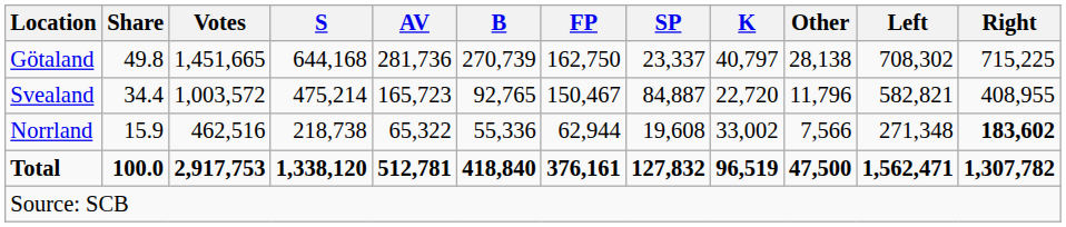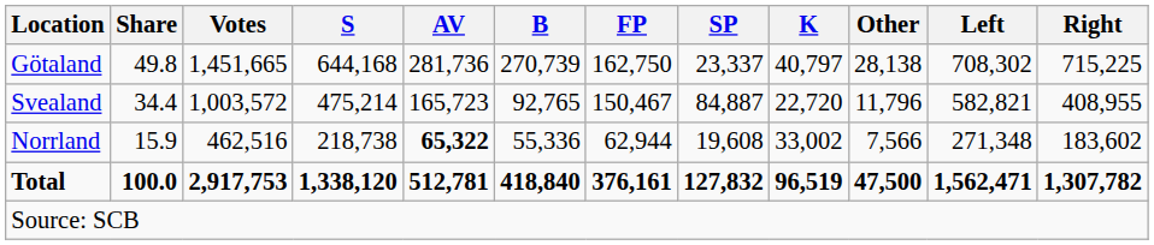 <table class="wikitable sortable" style=text-align:right>
 <tr>
 <th>Location</th>
 <th>Share</th>
 <th>Votes</th>
 <th><a href='#'>S</a></th>
 <th><a href='#'>AV</a></th>
 <th><a href='#'>B</a></th>
 <th><a href='#'>FP</a></th>
 <th><a href='#'>SP</a></th>
 <th><a href='#'>K</a></th>
 <th>Other</th>
 <th>Left</th>
 <th>Right</th>
 </tr>
 <tr>
 <td align=left><a href='#'>Götaland</a></td>
 <td>49.8</td>
 <td>1,451,665</td>
 <td>644,168</td>
 <td>281,736</td>
 <td>270,739</td>
 <td>162,750</td>
 <td>23,337</td>
 <td>40,797</td>
 <td>28,138</td>
 <td>708,302</td>
 <td>715,225</td>
 </tr>
 <tr>
 <td align=left><a href='#'>Svealand</a></td>
 <td>34.4</td>
 <td>1,003,572</td>
 <td>475,214</td>
 <td>165,723</td>
 <td>92,765</td>
 <td>150,467</td>
 <td>84,887</td>
 <td>22,720</td>
 <td>11,796</td>
 <td>582,821</td>
 <td>408,955</td>
 </tr>
 <tr>
 <td align=left><a href='#'>Norrland</a></td>
 <td>15.9</td>
 <td>462,516</td>
 <td>218,738</td>
-<td>65,322</td>
+<td><strong>65,322</strong></td>
 <td>55,336</td>
 <td>62,944</td>
 <td>19,608</td>
 <td>33,002</td>
 <td>7,566</td>
 <td>271,348</td>
-<td><strong>183,602</strong></td>
+<td>183,602</td>
 </tr>
 <tr>
 <td align=left><strong>Total</strong></td>
 <td><strong>100.0</strong></td>
 <td><strong>2,917,753</strong></td>
 <td><strong>1,338,120</strong></td>
 <td><strong>512,781</strong></td>
 <td><strong>418,840</strong></td>
 <td><strong>376,161</strong></td>
 <td><strong>127,832</strong></td>
 <td><strong>96,519</strong></td>
 <td><strong>47,500</strong></td>
 <td><strong>1,562,471</strong></td>
 <td><strong>1,307,782</strong></td>
 </tr>
 <tr>
 <td align=left colspan=12>Source: SCB </td>
 </tr>
 </table>
